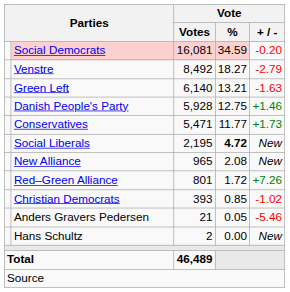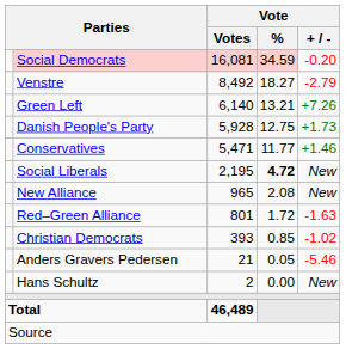 <table class="wikitable" style="text-align:right;">
 <tr>
 <th style="text-align:centre;" rowspan="2" colspan="2" width="225">Parties</th>
 <th colspan="3">Vote</th>
 </tr>
 <tr>
 <th width="15">Votes</th>
 <th width="15">%</th>
 <th width="15">+ / -</th>
 </tr>
 <tr>
 <td width="2" style="color:inherit;background:"></td>
 <td bgcolor=#fbd0ce  align="left"><a href='#'>Social Democrats</a></td>
 <td bgcolor=#fbd0ce>16,081</td>
 <td bgcolor=#fbd0ce>34.59</td>
 <td style=color:red;>-0.20</td>
 </tr>
 <tr>
 <td width="2" style="color:inherit;background:"></td>
 <td align="left"><a href='#'>Venstre</a></td>
 <td>8,492</td>
 <td>18.27</td>
 <td style=color:red;>-2.79</td>
 </tr>
 <tr>
 <td width="2" style="color:inherit;background:"></td>
 <td align="left"><a href='#'>Green Left</a></td>
 <td>6,140</td>
 <td>13.21</td>
-<td style=color:red;>-1.63</td>
+<td style=color:green;>+7.26</td>
 </tr>
 <tr>
 <td width="2" style="color:inherit;background:"></td>
 <td align="left"><a href='#'>Danish People's Party</a></td>
 <td>5,928</td>
 <td>12.75</td>
-<td style=color:green;>+1.46</td>
+<td style=color:green;>+1.73</td>
 </tr>
 <tr>
 <td width="2" style="color:inherit;background:"></td>
 <td align="left"><a href='#'>Conservatives</a></td>
 <td>5,471</td>
 <td>11.77</td>
-<td style=color:green;>+1.73</td>
+<td style=color:green;>+1.46</td>
 </tr>
 <tr>
 <td width="2" style="color:inherit;background:"></td>
 <td align="left"><a href='#'>Social Liberals</a></td>
 <td>2,195</td>
 <td><strong>4.72</strong></td>
 <td><em>New</em></td>
 </tr>
 <tr>
 <td width="2" style="color:inherit;background:"></td>
 <td align="left"><a href='#'>New Alliance</a></td>
 <td>965</td>
 <td>2.08</td>
 <td><em>New</em></td>
 </tr>
 <tr>
 <td width="2" style="color:inherit;background:"></td>
 <td align="left"><a href='#'>Red–Green Alliance</a></td>
 <td>801</td>
 <td>1.72</td>
-<td style=color:green;>+7.26</td>
+<td style=color:red;>-1.63</td>
 </tr>
 <tr>
 <td width="2" style="color:inherit;background:"></td>
 <td align="left"><a href='#'>Christian Democrats</a></td>
 <td>393</td>
 <td>0.85</td>
 <td style=color:red;>-1.02</td>
 </tr>
 <tr>
 <td width="2" style="color:inherit;background:"></td>
 <td align="left">Anders Gravers Pedersen</td>
 <td>21</td>
 <td>0.05</td>
 <td style=color:red;>-5.46</td>
 </tr>
 <tr>
 <td width="2" style="color:inherit;background:"></td>
 <td align="left">Hans Schultz</td>
 <td>2</td>
 <td>0.00</td>
 <td><em>New</em></td>
 </tr>
 <tr>
 <td colspan="7" bgcolor="#E9E9E9"></td>
 </tr>
 <tr>
 <td align="left" colspan="2"><strong>Total</strong></td>
 <td><strong>46,489</strong></td>
 <td bgcolor="#E9E9E9" colspan="2"></td>
 </tr>
 <tr>
 <td align="left" colspan="6">Source</td>
 </tr>
 </table>
